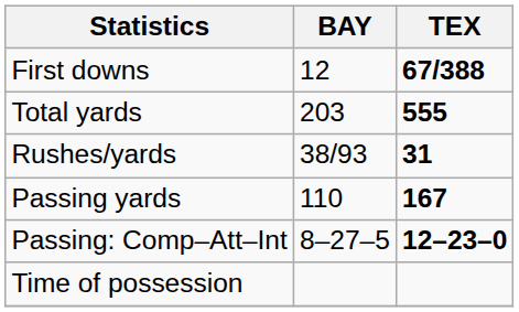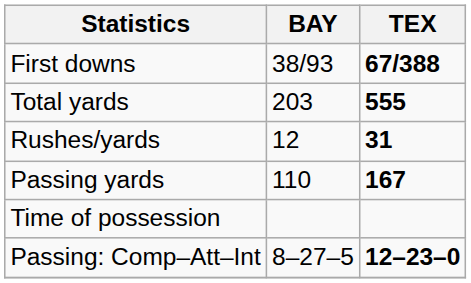 <table class="wikitable" style="float: left;">
 <tr>
 <th>Statistics</th>
 <th>BAY</th>
 <th>TEX</th>
 </tr>
 <tr>
 <td>First downs</td>
-<td>12</td>
+<td>38/93</td>
 <td><strong>67/388</strong></td>
 </tr>
 <tr>
 <td>Total yards</td>
 <td>203</td>
 <td><strong>555</strong></td>
 </tr>
 <tr>
 <td>Rushes/yards</td>
-<td>38/93</td>
+<td>12</td>
 <td><strong>31</strong></td>
 </tr>
 <tr>
 <td>Passing yards</td>
 <td>110</td>
 <td><strong>167</strong></td>
 </tr>
 <tr>
+<td>Time of possession</td>
+<td></td>
+<td></td>
+</tr>
+<tr>
 <td>Passing: Comp–Att–Int</td>
 <td>8–27–5</td>
 <td><strong>12–23–0</strong></td>
 </tr>
 <tr>
-<td>Time of possession</td>
-<td></td>
-<td></td>
-</tr>
-<tr>
 </tr>
 </table>
